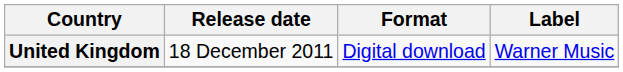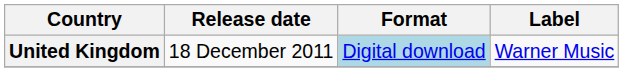 <table class="wikitable plainrowheaders">
 <tr>
 <th scope="col">Country</th>
 <th scope="col">Release date</th>
 <th scope="col">Format</th>
 <th scope="col">Label</th>
 </tr>
 <tr>
 <th scope="row">United Kingdom</th>
 <td>18 December 2011</td>
-<td><a href='#'>Digital download</a></td>
+<td style="background: lightblue;"><a href='#'>Digital download</a></td>
 <td><a href='#'>Warner Music</a></td>
 </tr>
 <tr>
 </tr>
 </table>
